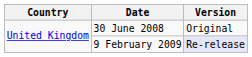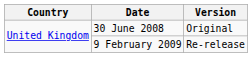 <table class="wikitable">
 <tr>
 <th>Country</th>
 <th>Date</th>
 <th>Version</th>
 </tr>
 <tr>
 <td rowspan="2"><a href='#'>United Kingdom</a></td>
 <td>30 June 2008</td>
 <td>Original</td>
 </tr>
 <tr>
 <td>9 February 2009</td>
-<td style="background: lavender;">Re-release</td>
+<td>Re-release</td>
 </tr>
 </table>
